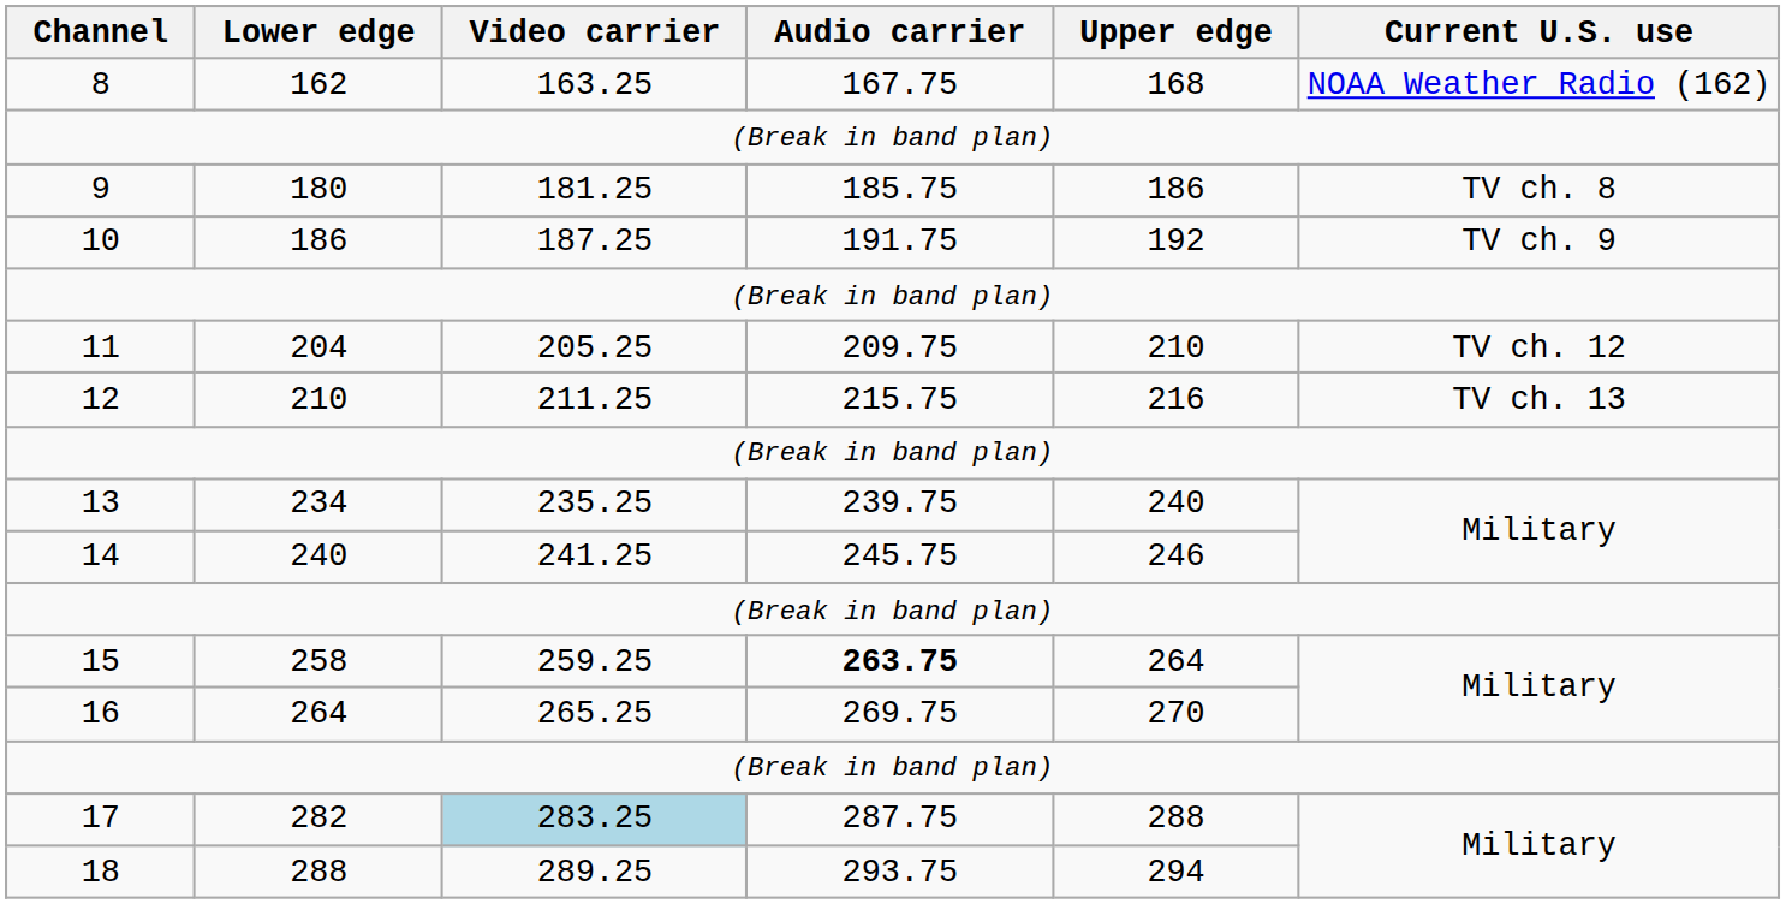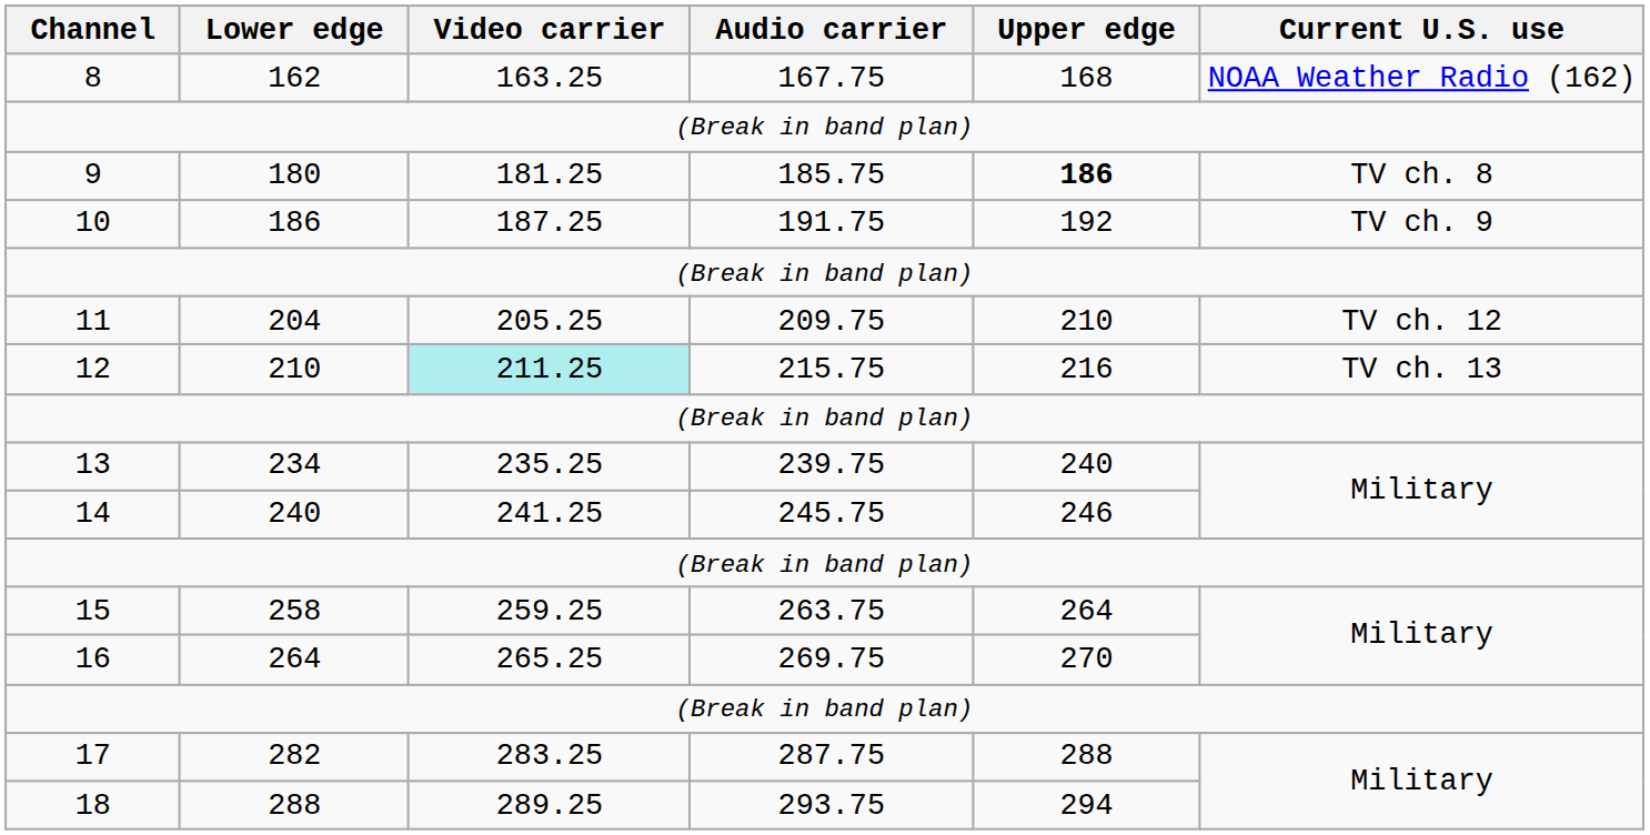 <table class="wikitable" style="text-align: center">
 <tr>
 <th> Channel </th>
 <th> Lower edge </th>
 <th> Video carrier </th>
 <th> Audio carrier </th>
 <th> Upper edge </th>
 <th> Current U.S. use </th>
 </tr>
 <tr>
 <td>8</td>
 <td>162</td>
 <td>163.25</td>
 <td>167.75</td>
 <td>168</td>
 <td><a href='#'>NOAA Weather Radio</a> (162)</td>
 </tr>
 <tr>
 <td colspan="6"><small><em>(Break in band plan)</em></small></td>
 </tr>
 <tr>
 <td>9</td>
 <td>180</td>
 <td>181.25</td>
 <td>185.75</td>
-<td>186</td>
+<td><strong>186</strong></td>
 <td>TV ch. 8</td>
 </tr>
 <tr>
 <td>10</td>
 <td>186</td>
 <td>187.25</td>
 <td>191.75</td>
 <td>192</td>
 <td>TV ch. 9</td>
 </tr>
 <tr>
 <td colspan="6"><small><em>(Break in band plan)</em></small></td>
 </tr>
 <tr>
 <td>11</td>
 <td>204</td>
 <td>205.25</td>
 <td>209.75</td>
 <td>210</td>
 <td>TV ch. 12</td>
 </tr>
 <tr>
 <td>12</td>
 <td>210</td>
-<td>211.25</td>
+<td style="background: paleturquoise;">211.25</td>
 <td>215.75</td>
 <td>216</td>
 <td>TV ch. 13</td>
 </tr>
 <tr>
 <td colspan="6"><small><em>(Break in band plan)</em></small></td>
 </tr>
 <tr>
 <td>13</td>
 <td>234</td>
 <td>235.25</td>
 <td>239.75</td>
 <td>240</td>
 <td rowspan=2>Military</td>
 </tr>
 <tr>
 <td>14</td>
 <td>240</td>
 <td>241.25</td>
 <td>245.75</td>
 <td>246</td>
 </tr>
 <tr>
 <td colspan="6"><small><em>(Break in band plan)</em></small></td>
 </tr>
 <tr>
 <td>15</td>
 <td>258</td>
 <td>259.25</td>
-<td><strong>263.75</strong></td>
+<td>263.75</td>
 <td>264</td>
 <td rowspan=2>Military</td>
 </tr>
 <tr>
 <td>16</td>
 <td>264</td>
 <td>265.25</td>
 <td>269.75</td>
 <td>270</td>
 </tr>
 <tr>
 <td colspan="6"><small><em>(Break in band plan)</em></small></td>
 </tr>
 <tr>
 <td>17</td>
 <td>282</td>
-<td style="background: lightblue;">283.25</td>
+<td>283.25</td>
 <td>287.75</td>
 <td>288</td>
 <td rowspan=2>Military</td>
 </tr>
 <tr>
 <td>18</td>
 <td>288</td>
 <td>289.25</td>
 <td>293.75</td>
 <td>294</td>
 </tr>
 </table>
